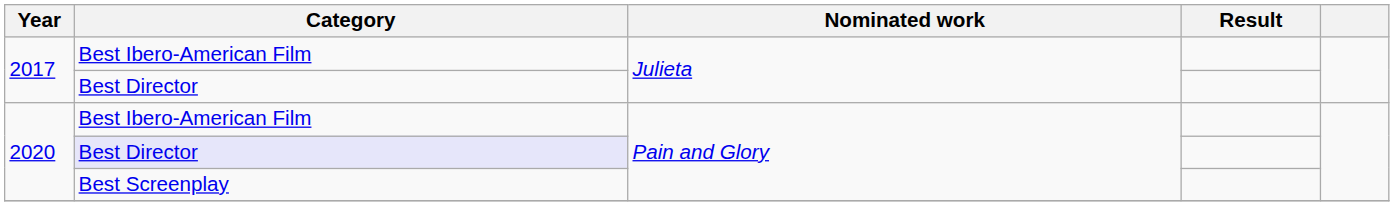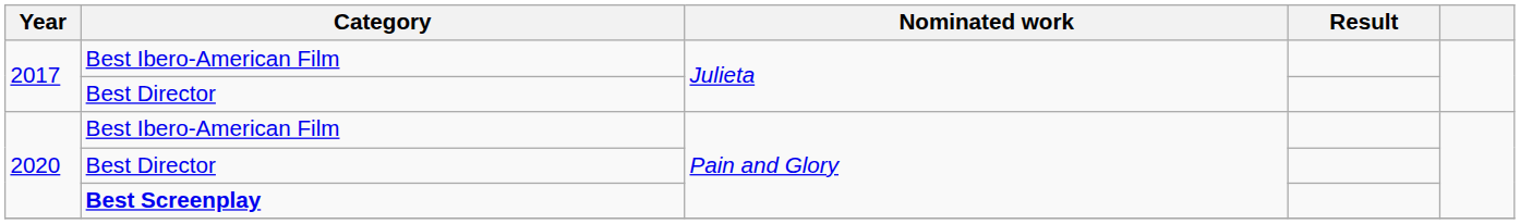 <table class="wikitable" style="width:85%;">
 <tr>
 <th width=5%>Year</th>
 <th style="width:40%;">Category</th>
 <th style="width:40%;">Nominated work</th>
 <th style="width:10%;">Result</th>
 <th width=5%></th>
 </tr>
 <tr>
 <td rowspan="2"><a href='#'>2017</a></td>
 <td><a href='#'>Best Ibero-American Film</a></td>
 <td rowspan="2"><em><a href='#'>Julieta</a></em></td>
 <td></td>
 <td rowspan="2"></td>
 </tr>
 <tr>
 <td><a href='#'>Best Director</a></td>
 <td></td>
 </tr>
 <tr>
 <td rowspan="3"><a href='#'>2020</a></td>
 <td><a href='#'>Best Ibero-American Film</a></td>
 <td rowspan="3"><em><a href='#'>Pain and Glory</a></em></td>
 <td></td>
 <td rowspan="3"></td>
 </tr>
 <tr>
-<td style="background: lavender;"><a href='#'>Best Director</a></td>
+<td><a href='#'>Best Director</a></td>
 <td></td>
 </tr>
 <tr>
-<td><a href='#'>Best Screenplay</a></td>
+<td><strong><a href='#'>Best Screenplay</a></strong></td>
 <td></td>
 </tr>
 <tr>
 </tr>
 </table>
